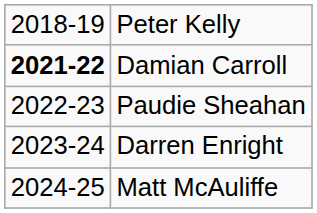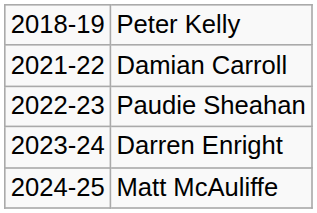 <table class="wikitable">
 <tr>
 <td>2018-19</td>
 <td>Peter Kelly</td>
 </tr>
 <tr>
-<td><strong>2021-22</strong></td>
+<td>2021-22</td>
 <td>Damian Carroll</td>
 </tr>
 <tr>
 <td>2022-23</td>
 <td>Paudie Sheahan</td>
 </tr>
 <tr>
 <td>2023-24</td>
 <td>Darren Enright</td>
 </tr>
 <tr>
 <td>2024-25</td>
 <td>Matt McAuliffe</td>
 </tr>
 </table>
